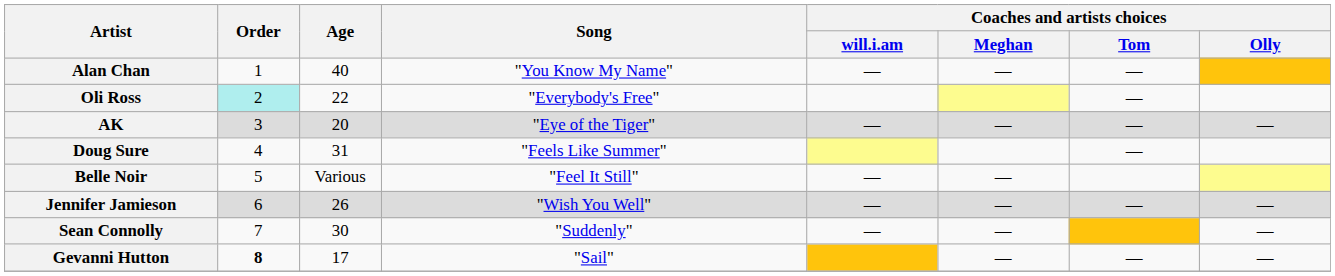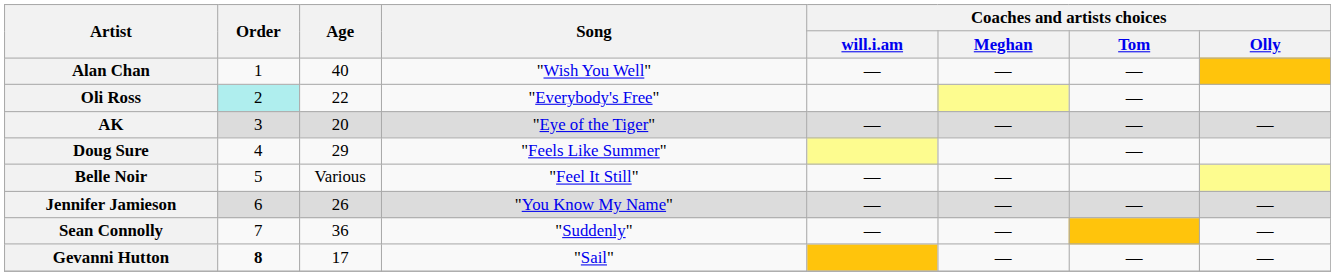 <table class="wikitable" style="text-align:center; width:100%;">
 <tr>
 <th rowspan="2" scope="col" style="width:13%;">Artist</th>
 <th rowspan="2" scope="col" style="width:05%;">Order</th>
 <th rowspan="2" scope="col" style="width:05%;">Age</th>
 <th rowspan="2" scope="col" style="width:26%;">Song</th>
 <th colspan="4" style="width:40%;">Coaches and artists choices</th>
 </tr>
 <tr>
 <th style="width:8%;"><a href='#'>will.i.am</a></th>
 <th style="width:8%;"><a href='#'>Meghan</a></th>
 <th style="width:8%;"><a href='#'>Tom</a></th>
 <th style="width:8%;"><a href='#'>Olly</a></th>
 </tr>
 <tr>
 <th scope="row">Alan Chan</th>
 <td>1</td>
 <td>40</td>
-<td>"<a href='#'>You Know My Name</a>"</td>
+<td>"<a href='#'>Wish You Well</a>"</td>
 <td>—</td>
 <td>—</td>
 <td>—</td>
 <td style="background:#FFC40C;text-align:center;"><strong></strong></td>
 </tr>
 <tr>
 <th scope="row">Oli Ross</th>
 <td style="background: paleturquoise;">2</td>
 <td>22</td>
 <td>"<a href='#'>Everybody's Free</a>"</td>
 <td><strong></strong></td>
 <td style="background:#fdfc8f;"><strong></strong></td>
 <td>—</td>
 <td><strong></strong></td>
 </tr>
 <tr style="background:#DCDCDC;">
 <th scope="row">AK</th>
 <td>3</td>
 <td>20</td>
 <td>"<a href='#'>Eye of the Tiger</a>"</td>
 <td>—</td>
 <td>—</td>
 <td>—</td>
 <td>—</td>
 </tr>
 <tr>
 <th scope="row">Doug Sure</th>
 <td>4</td>
-<td>31</td>
+<td>29</td>
 <td>"<a href='#'>Feels Like Summer</a>"</td>
 <td style="background:#fdfc8f;"><strong></strong></td>
 <td><strong></strong></td>
 <td>—</td>
 <td><strong></strong></td>
 </tr>
 <tr>
 <th scope="row">Belle Noir</th>
 <td>5</td>
 <td>Various</td>
 <td>"<a href='#'>Feel It Still</a>"</td>
 <td>—</td>
 <td>—</td>
 <td><strong></strong></td>
 <td style="background:#fdfc8f;"><strong></strong></td>
 </tr>
 <tr style="background:#DCDCDC;">
 <th scope="row">Jennifer Jamieson</th>
 <td>6</td>
 <td>26</td>
-<td>"<a href='#'>Wish You Well</a>"</td>
+<td>"<a href='#'>You Know My Name</a>"</td>
 <td>—</td>
 <td>—</td>
 <td>—</td>
 <td>—</td>
 </tr>
 <tr>
 <th scope="row">Sean Connolly</th>
 <td>7</td>
-<td>30</td>
+<td>36</td>
 <td>"<a href='#'>Suddenly</a>"</td>
 <td>—</td>
 <td>—</td>
 <td style="background:#FFC40C;text-align:center;"><strong></strong></td>
 <td>—</td>
 </tr>
 <tr>
 <th scope="row">Gevanni Hutton</th>
 <td><strong>8</strong></td>
 <td>17</td>
 <td>"<a href='#'>Sail</a>"</td>
 <td style="background:#FFC40C;text-align:center;"><strong></strong></td>
 <td>—</td>
 <td>—</td>
 <td>—</td>
 </tr>
 <tr>
 </tr>
 </table>
